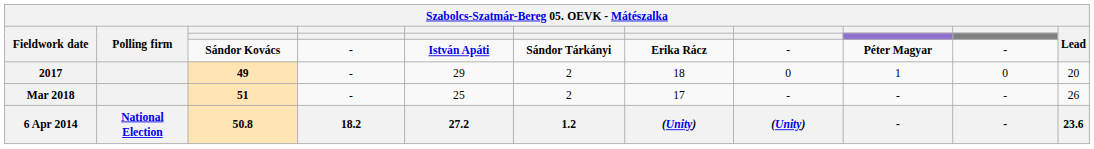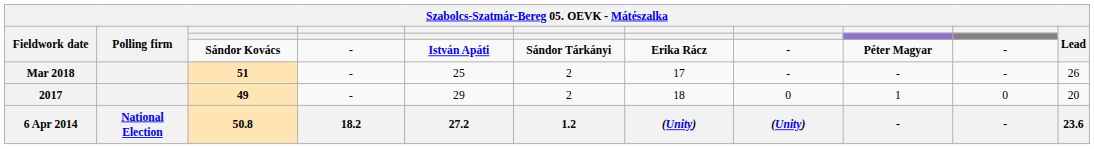 <table class="wikitable mw-collapsible mw-collapsed" style="text-align:center">
 <tr>
 <th colspan="11" style="width: 980pt;"><small><a href='#'>Szabolcs-Szatmár-Bereg</a> 05.</small> <small>OEVK - <a href='#'>Mátészalka</a></small></th>
 </tr>
 <tr>
 <th rowspan="3" style="width: 80pt;"><small>Fieldwork</small> <small>date</small></th>
 <th rowspan="3" style="width: 80pt;"><strong><small>Polling</small> <small>firm</small></strong></th>
 <th style="width: 100pt;"><small></small></th>
 <th style="width: 100pt;"><small> </small></th>
 <th style="width: 100pt;"></th>
 <th style="width: 100pt;"></th>
 <th style="width: 100pt;"></th>
 <th style="width: 100pt;"></th>
 <th style="width: 100pt;"></th>
 <th style="width: 100pt;"></th>
 <th rowspan="3" style="width: 20pt;"><small>Lead</small></th>
 </tr>
 <tr>
 <th style="color:inherit;background:"></th>
 <th style="color:inherit;background:"></th>
 <th style="color:inherit;background:"></th>
 <th style="color:inherit;background:"></th>
 <th style="color:inherit;background:"></th>
 <th style="color:inherit;background:"></th>
 <th style="color:inherit;background:#8E6FCE;"></th>
 <th style="color:inherit;background:#808080;"></th>
 </tr>
 <tr>
 <td><strong><small>Sándor Kovács</small></strong></td>
 <td><strong><small>-</small></strong></td>
 <td><a href='#'><strong><small>István Apáti</small></strong></a></td>
 <td><strong><small>Sándor Tárkányi</small></strong></td>
 <td><strong><small>Erika Rácz</small></strong></td>
 <td><strong><small>-</small></strong></td>
 <td><strong><small>Péter Magyar</small></strong></td>
 <td><strong><small>-</small></strong></td>
 </tr>
 <tr>
+<th><small>Mar 2018</small></th>
+<th><small></small></th>
+<td style="background:#FFE5B4"><strong><small>51</small></strong></td>
+<td><small>-</small></td>
+<td><small>25</small></td>
+<td><small>2</small></td>
+<td><small>17</small></td>
+<td><em><small>-</small></em></td>
+<td><small>-</small></td>
+<td><em><small>-</small></em></td>
+<td style="background:"><small>26</small></td>
+</tr>
+<tr>
 <th><small>2017</small></th>
 <th><small></small></th>
 <td style="background:#FFE5B4"><strong><small>49</small></strong></td>
 <td><small>-</small></td>
 <td><small>29</small></td>
 <td><small>2</small></td>
 <td><small>18</small></td>
 <td><small>0</small></td>
 <td><small>1</small></td>
 <td><small>0</small></td>
 <td style="background:"><small>20</small></td>
-</tr>
-<tr>
-<th><small>Mar 2018</small></th>
-<th><small></small></th>
-<td style="background:#FFE5B4"><strong><small>51</small></strong></td>
-<td><small>-</small></td>
-<td><small>25</small></td>
-<td><small>2</small></td>
-<td><small>17</small></td>
-<td><em><small>-</small></em></td>
-<td><small>-</small></td>
-<td><em><small>-</small></em></td>
-<td style="background:"><small>26</small></td>
 </tr>
 <tr>
 <th><small>6 Apr 2014</small></th>
 <th><a href='#'><small>National Election</small></a></th>
 <th style="background:#FFE5B4"><strong><small>50.8</small></strong></th>
 <th><small>18.2</small></th>
 <th><small>27.2</small></th>
 <th><small>1.2</small></th>
 <th><small><em>(<a href='#'>Unity</a>)</em></small></th>
 <th><small><em>(<a href='#'>Unity</a>)</em></small></th>
 <th><small>-</small></th>
 <th><small>-</small></th>
 <th style="background:"><small>23.6</small></th>
 </tr>
 </table>
